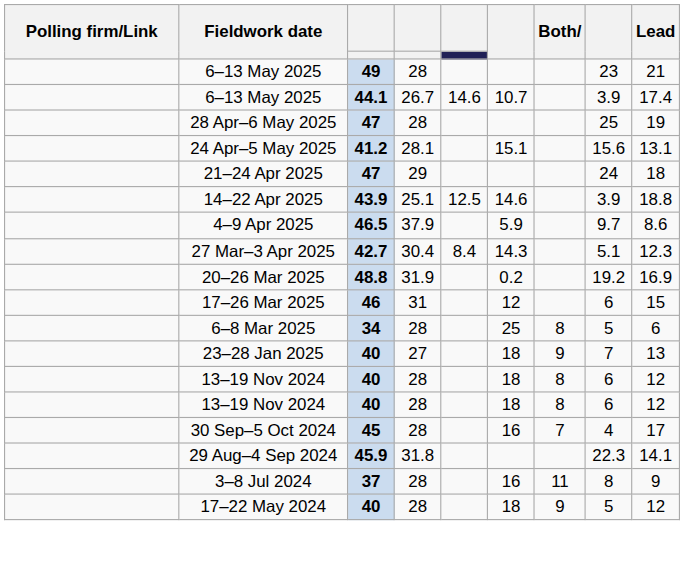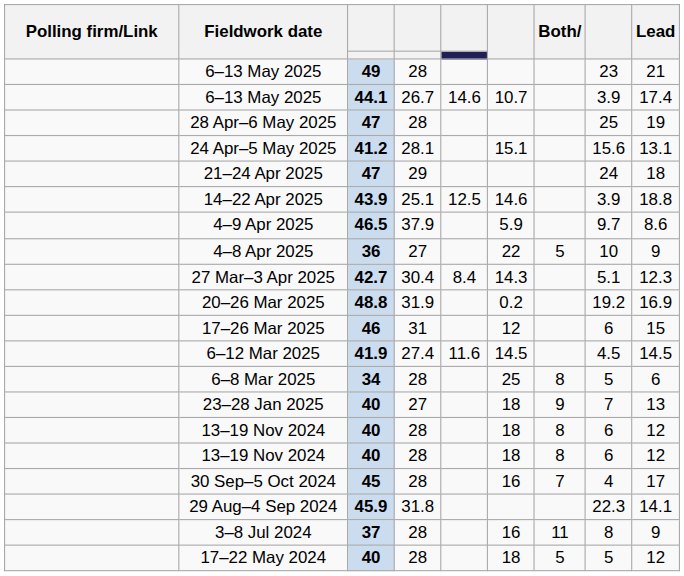 <table class="wikitable sortable mw-datatable" style="text-align:center;font-size:95%;line-height:16px;">
 <tr style="height:42px;">
 <th style="width:150px;" rowspan="2">Polling firm/Link</th>
 <th style="width:145px;" rowspan="2">Fieldwork date</th>
 <th style="width:35px;"></th>
 <th style="width:35px;"></th>
 <th class="unsortable" style="width:35px;"></th>
 <th class="unsortable" style="width:35px;" rowspan="2"></th>
 <th class="unsortable" style="width:35px;" rowspan="2">Both/<br></th>
 <th class="unsortable" style="width:35px;" rowspan="2"></th>
 <th class="unsortable" style="width:30px;" rowspan="2">Lead</th>
 </tr>
 <tr>
 <th style="color:inherit;background:"></th>
 <th style="color:inherit;background:"></th>
 <th style="color:inherit;background:#202056;"></th>
 </tr>
 <tr>
 <td></td>
 <td>6–13 May 2025</td>
 <td style="background:#CBDCEF"><strong>49</strong></td>
 <td>28</td>
 <td></td>
 <td></td>
 <td></td>
 <td>23</td>
 <td style="background:">21</td>
 </tr>
 <tr>
 <td></td>
 <td>6–13 May 2025</td>
 <td style="background:#CBDCEF"><strong>44.1</strong></td>
 <td>26.7</td>
 <td>14.6</td>
 <td>10.7</td>
 <td></td>
 <td>3.9</td>
 <td style="background:">17.4</td>
 </tr>
 <tr>
 <td></td>
 <td>28 Apr–6 May 2025</td>
 <td style="background:#CBDCEF"><strong>47</strong></td>
 <td>28</td>
 <td></td>
 <td></td>
 <td></td>
 <td>25</td>
 <td style="background:">19</td>
 </tr>
 <tr>
 <td></td>
 <td>24 Apr–5 May 2025</td>
 <td style="background:#CBDCEF"><strong>41.2</strong></td>
 <td>28.1</td>
 <td></td>
 <td>15.1</td>
 <td></td>
 <td>15.6</td>
 <td style="background:">13.1</td>
 </tr>
 <tr>
 <td></td>
 <td>21–24 Apr 2025</td>
 <td style="background:#CBDCEF"><strong>47</strong></td>
 <td>29</td>
 <td></td>
 <td></td>
 <td></td>
 <td>24</td>
 <td style="background:">18</td>
 </tr>
 <tr>
 <td></td>
 <td>14–22 Apr 2025</td>
 <td style="background:#CBDCEF"><strong>43.9</strong></td>
 <td>25.1</td>
 <td>12.5</td>
 <td>14.6</td>
 <td></td>
 <td>3.9</td>
 <td style="background:">18.8</td>
 </tr>
 <tr>
 <td></td>
 <td data-sort-value="2019-10-03">4–9 Apr 2025</td>
 <td style="background:#CBDCEF"><strong>46.5</strong></td>
 <td>37.9</td>
 <td></td>
 <td>5.9</td>
 <td></td>
 <td>9.7</td>
 <td style="background:">8.6</td>
 </tr>
 <tr>
 <td></td>
+<td data-sort-value="2019-10-03">4–8 Apr 2025</td>
+<td style="background:#CBDCEF"><strong>36</strong></td>
+<td>27</td>
+<td></td>
+<td>22</td>
+<td>5</td>
+<td>10</td>
+<td style="background:">9</td>
+</tr>
+<tr>
+<td></td>
 <td data-sort-value="2019-10-03">27 Mar–3 Apr 2025</td>
 <td style="background:#CBDCEF"><strong>42.7</strong></td>
 <td>30.4</td>
 <td>8.4</td>
 <td>14.3</td>
 <td></td>
 <td>5.1</td>
 <td style="background:">12.3</td>
 </tr>
 <tr>
 <td></td>
 <td data-sort-value="2019-10-03">20–26 Mar 2025</td>
 <td style="background:#CBDCEF"><strong>48.8</strong></td>
 <td>31.9</td>
 <td></td>
 <td>0.2</td>
 <td></td>
 <td>19.2</td>
 <td style="background:">16.9</td>
 </tr>
 <tr>
 <td></td>
 <td data-sort-value="2024-05-13">17–26 Mar 2025</td>
 <td style="background:#CBDCEF"><strong>46</strong></td>
 <td>31</td>
 <td></td>
 <td>12</td>
 <td></td>
 <td>6</td>
 <td style="background:">15</td>
+</tr>
+<tr>
+<td></td>
+<td data-sort-value="2019-10-03">6–12 Mar 2025</td>
+<td style="background:#CBDCEF"><strong>41.9</strong></td>
+<td>27.4</td>
+<td>11.6</td>
+<td>14.5</td>
+<td></td>
+<td>4.5</td>
+<td style="background:">14.5</td>
 </tr>
 <tr>
 <td></td>
 <td data-sort-value="2019-10-03">6–8 Mar 2025</td>
 <td style="background:#CBDCEF"><strong>34</strong></td>
 <td>28</td>
 <td></td>
 <td>25</td>
 <td>8</td>
 <td>5</td>
 <td style="background:">6</td>
 </tr>
 <tr>
 <td></td>
 <td data-sort-value="2019-10-03">23–28 Jan 2025</td>
 <td style="background:#CBDCEF"><strong>40</strong></td>
 <td>27</td>
 <td></td>
 <td>18</td>
 <td>9</td>
 <td>7</td>
 <td style="background:">13</td>
 </tr>
 <tr>
 <td></td>
 <td>13–19 Nov 2024</td>
 <td style="background:#CBDCEF"><strong>40</strong></td>
 <td>28</td>
 <td></td>
 <td>18</td>
 <td>8</td>
 <td>6</td>
 <td style="background:">12</td>
 </tr>
 <tr>
 <td></td>
 <td>13–19 Nov 2024</td>
 <td style="background:#CBDCEF"><strong>40</strong></td>
 <td>28</td>
 <td></td>
 <td>18</td>
 <td>8</td>
 <td>6</td>
 <td style="background:">12</td>
 </tr>
 <tr>
 <td></td>
 <td>30 Sep–5 Oct 2024</td>
 <td style="background:#CBDCEF"><strong>45</strong></td>
 <td>28</td>
 <td></td>
 <td>16</td>
 <td>7</td>
 <td>4</td>
 <td style="background:">17</td>
 </tr>
 <tr>
 <td></td>
 <td>29 Aug–4 Sep 2024</td>
 <td style="background:#CBDCEF"><strong>45.9</strong></td>
 <td>31.8</td>
 <td></td>
 <td></td>
 <td></td>
 <td>22.3</td>
 <td style="background:">14.1</td>
 </tr>
 <tr>
 <td></td>
 <td>3–8 Jul 2024</td>
 <td style="background:#CBDCEF"><strong>37</strong></td>
 <td>28</td>
 <td></td>
 <td>16</td>
 <td>11</td>
 <td>8</td>
 <td style="background:">9</td>
 </tr>
 <tr>
 <td></td>
 <td data-sort-value="2019-10-03">17–22 May 2024</td>
 <td style="background:#CBDCEF"><strong>40</strong></td>
 <td>28</td>
 <td></td>
 <td>18</td>
-<td>9</td>
+<td>5</td>
 <td>5</td>
 <td style="background:">12</td>
 </tr>
 </table>
